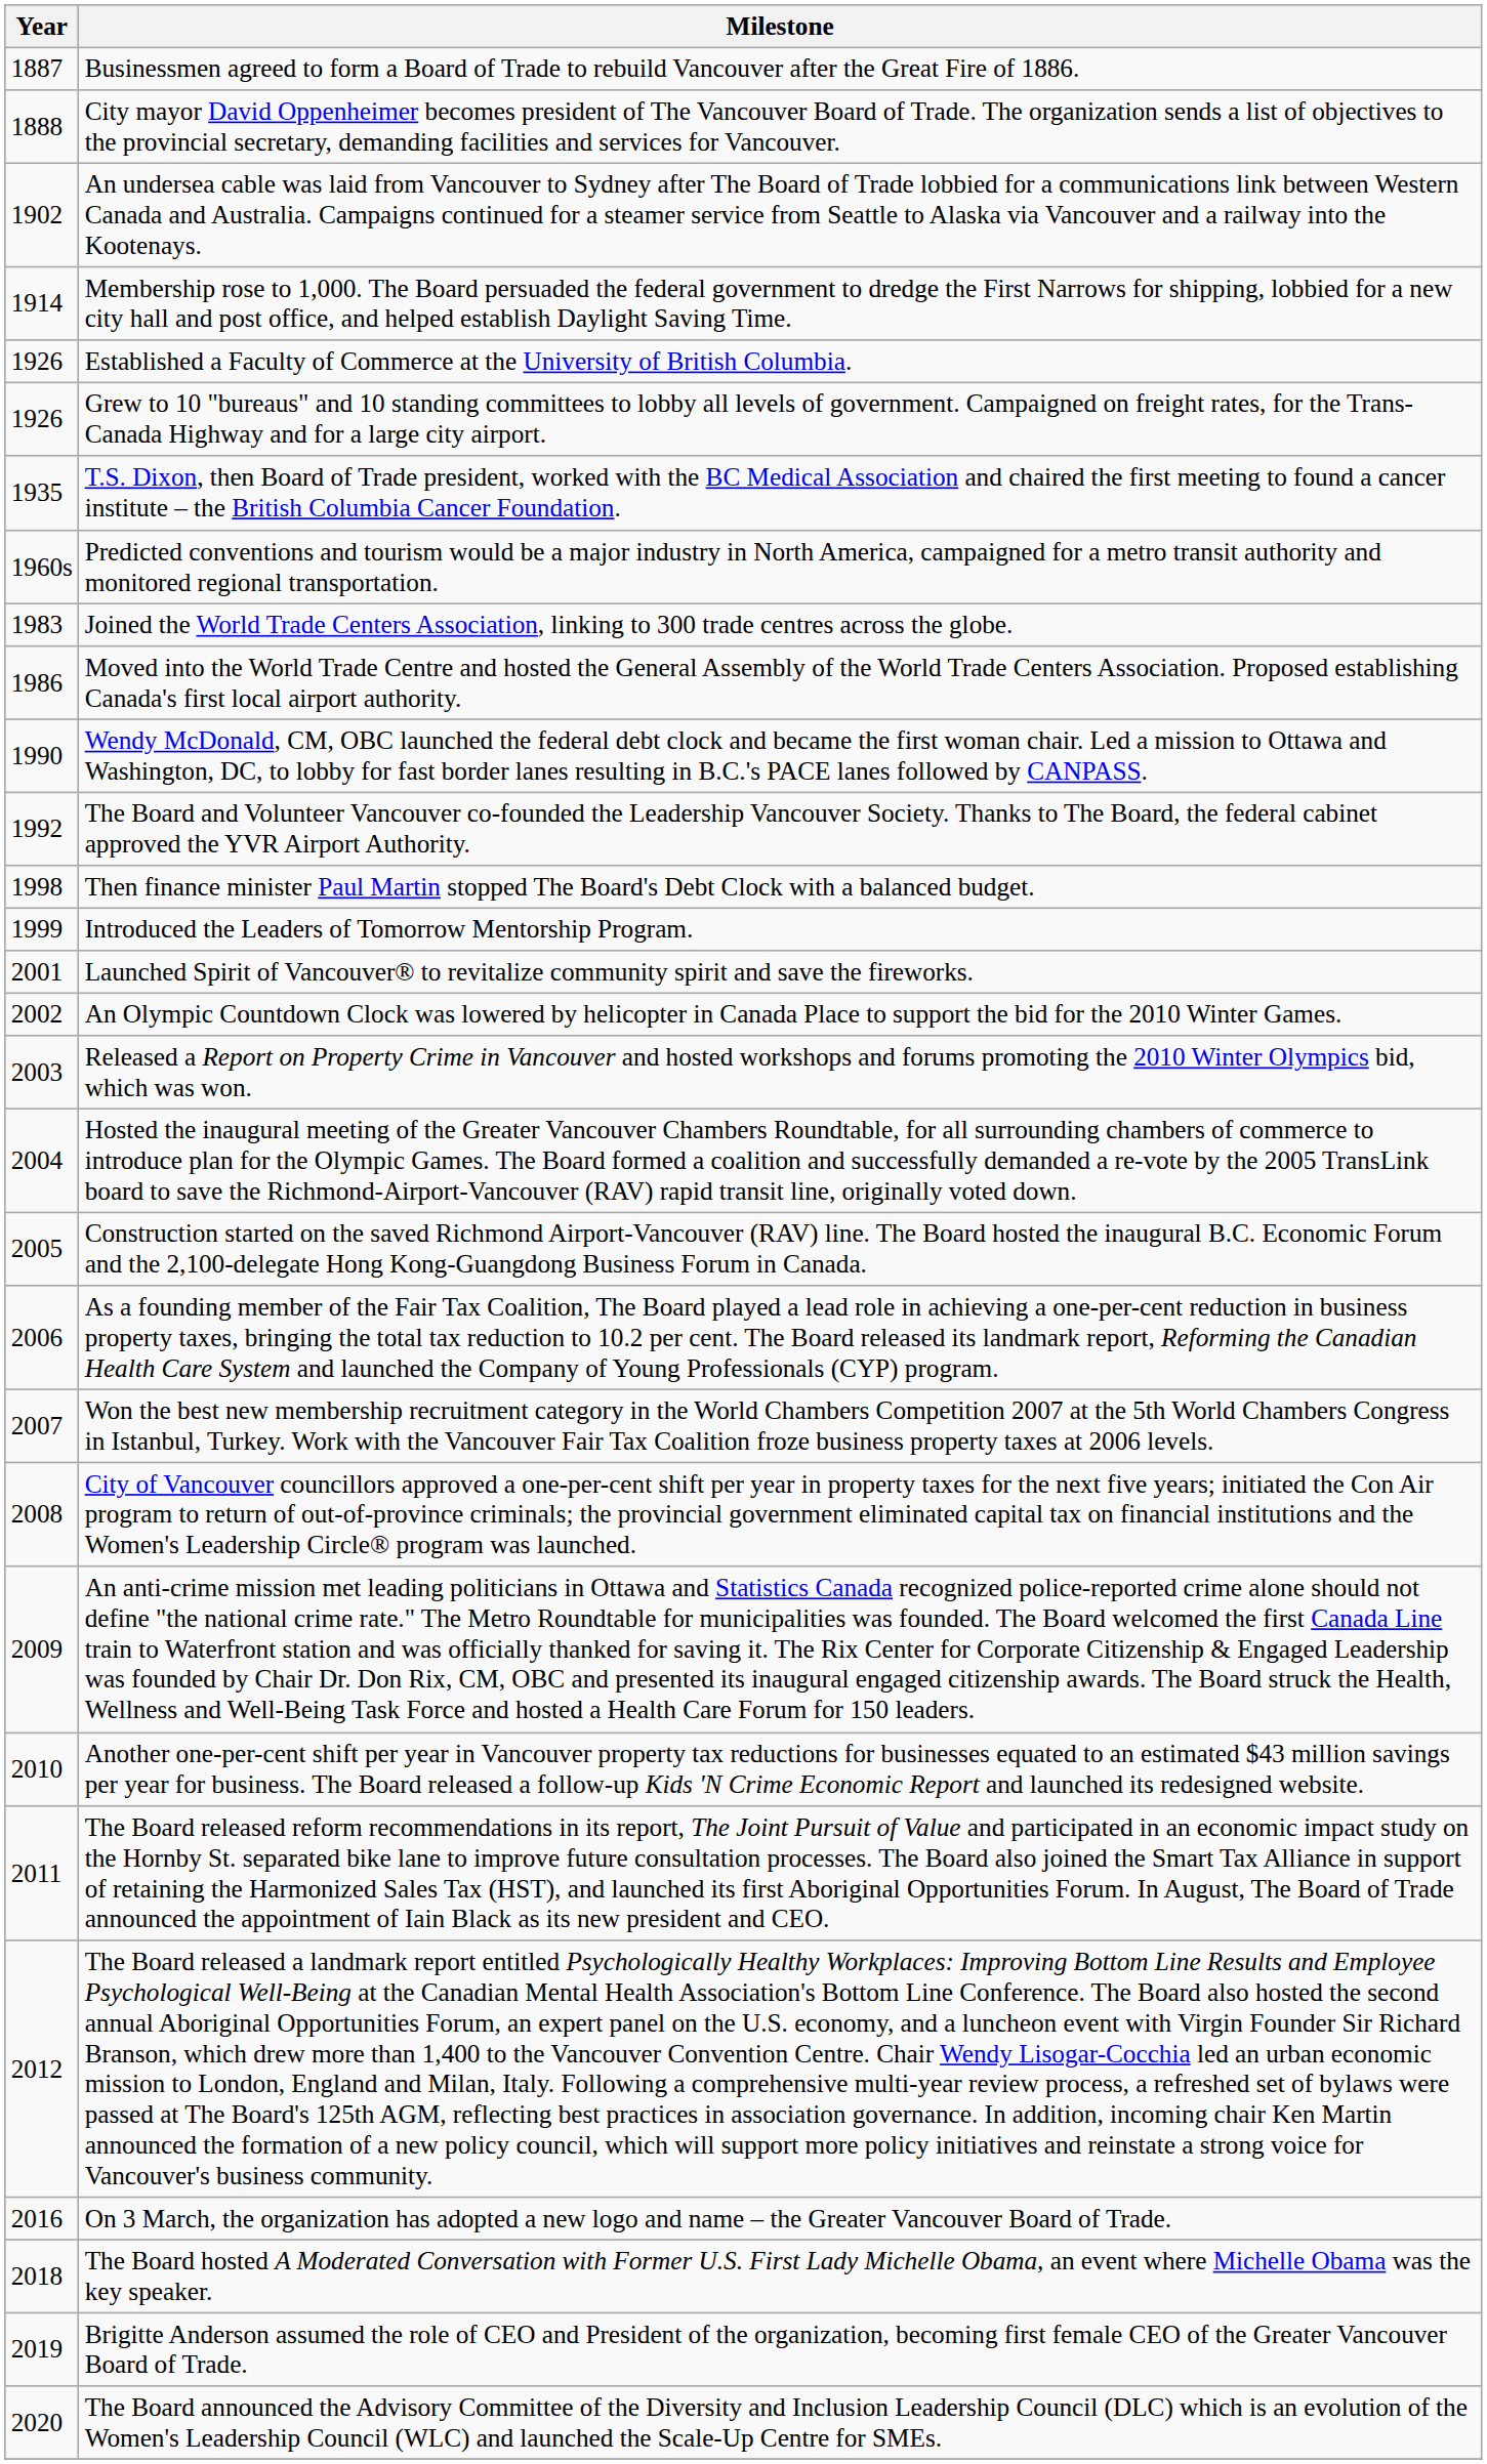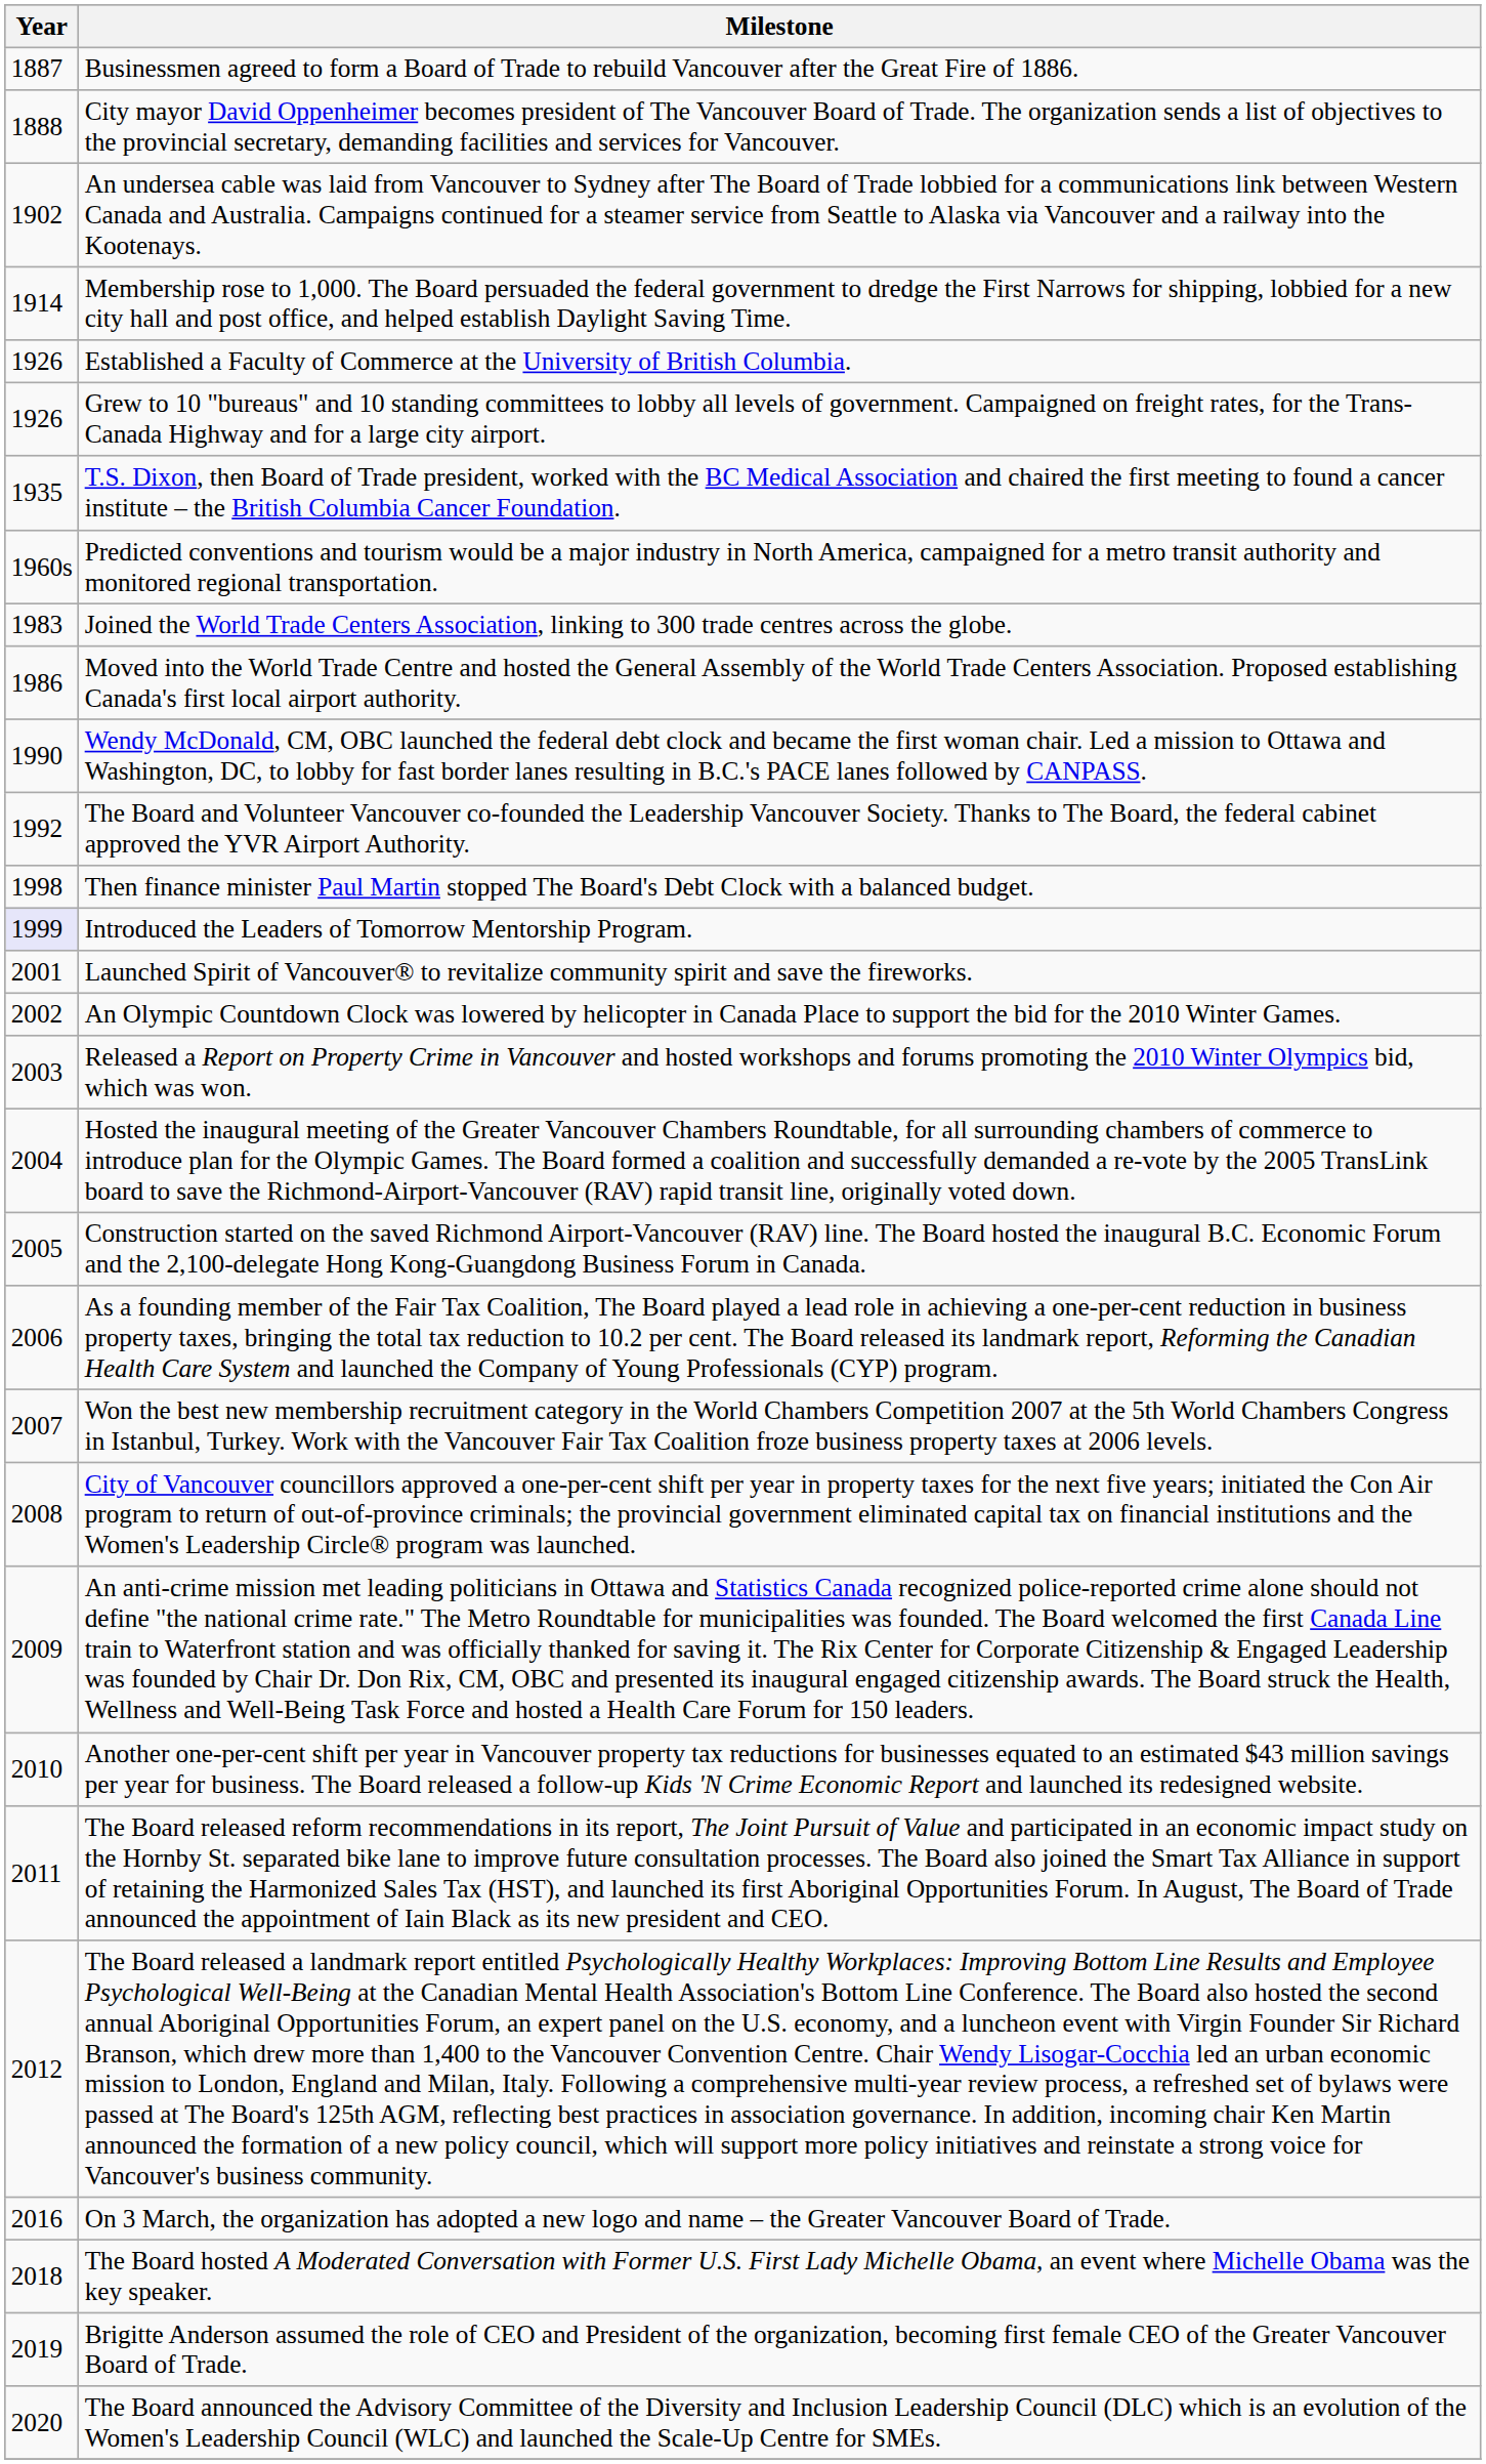 <table class="wikitable" style="font-size: 95%;">
 <tr>
 <th>Year</th>
 <th>Milestone</th>
 </tr>
 <tr>
 <td>1887</td>
 <td>Businessmen agreed to form a Board of Trade to rebuild Vancouver after the Great Fire of 1886.</td>
 </tr>
 <tr>
 <td>1888</td>
 <td>City mayor <a href='#'>David Oppenheimer</a> becomes president of The Vancouver Board of Trade. The organization sends a list of objectives to the provincial secretary, demanding facilities and services for Vancouver.</td>
 </tr>
 <tr>
 <td>1902</td>
 <td>An undersea cable was laid from Vancouver to Sydney after The Board of Trade lobbied for a communications link between Western Canada and Australia. Campaigns continued for a steamer service from Seattle to Alaska via Vancouver and a railway into the Kootenays.</td>
 </tr>
 <tr>
 <td>1914</td>
 <td>Membership rose to 1,000. The Board persuaded the federal government to dredge the First Narrows for shipping, lobbied for a new city hall and post office, and helped establish Daylight Saving Time.</td>
 </tr>
 <tr>
 <td>1926</td>
 <td>Established a Faculty of Commerce at the <a href='#'>University of British Columbia</a>.</td>
 </tr>
 <tr>
 <td>1926</td>
 <td>Grew to 10 "bureaus" and 10 standing committees to lobby all levels of government. Campaigned on freight rates, for the Trans-Canada Highway and for a large city airport.</td>
 </tr>
 <tr>
 <td>1935</td>
 <td><a href='#'>T.S. Dixon</a>, then Board of Trade president, worked with the <a href='#'>BC Medical Association</a> and chaired the first meeting to found a cancer institute – the <a href='#'>British Columbia Cancer Foundation</a>.</td>
 </tr>
 <tr>
 <td>1960s</td>
 <td>Predicted conventions and tourism would be a major industry in North America, campaigned for a metro transit authority and monitored regional transportation.</td>
 </tr>
 <tr>
 <td>1983</td>
 <td>Joined the <a href='#'>World Trade Centers Association</a>, linking to 300 trade centres across the globe.</td>
 </tr>
 <tr>
 <td>1986</td>
 <td>Moved into the World Trade Centre and hosted the General Assembly of the World Trade Centers Association. Proposed establishing Canada's first local airport authority.</td>
 </tr>
 <tr>
 <td>1990</td>
 <td><a href='#'>Wendy McDonald</a>, CM, OBC launched the federal debt clock and became the first woman chair. Led a mission to Ottawa and Washington, DC, to lobby for fast border lanes resulting in B.C.'s PACE lanes followed by <a href='#'>CANPASS</a>.</td>
 </tr>
 <tr>
 <td>1992</td>
 <td>The Board and Volunteer Vancouver co-founded the Leadership Vancouver Society. Thanks to The Board, the federal cabinet approved the YVR Airport Authority.</td>
 </tr>
 <tr>
 <td>1998</td>
 <td>Then finance minister <a href='#'>Paul Martin</a> stopped The Board's Debt Clock with a balanced budget.</td>
 </tr>
 <tr>
-<td>1999</td>
+<td style="background: lavender;">1999</td>
 <td>Introduced the Leaders of Tomorrow Mentorship Program.</td>
 </tr>
 <tr>
 <td>2001</td>
 <td>Launched Spirit of Vancouver® to revitalize community spirit and save the fireworks.</td>
 </tr>
 <tr>
 <td>2002</td>
 <td>An Olympic Countdown Clock was lowered by helicopter in Canada Place to support the bid for the 2010 Winter Games.</td>
 </tr>
 <tr>
 <td>2003</td>
 <td>Released a <em>Report on Property Crime in Vancouver</em> and hosted workshops and forums promoting the <a href='#'>2010 Winter Olympics</a> bid, which was won.</td>
 </tr>
 <tr>
 <td>2004</td>
 <td>Hosted the inaugural meeting of the Greater Vancouver Chambers Roundtable, for all surrounding chambers of commerce to introduce plan for the Olympic Games. The Board formed a coalition and successfully demanded a re-vote by the 2005 TransLink board to save the Richmond-Airport-Vancouver (RAV) rapid transit line, originally voted down.</td>
 </tr>
 <tr>
 <td>2005</td>
 <td>Construction started on the saved Richmond Airport-Vancouver (RAV) line. The Board hosted the inaugural B.C. Economic Forum and the 2,100-delegate Hong Kong-Guangdong Business Forum in Canada.</td>
 </tr>
 <tr>
 <td>2006</td>
 <td>As a founding member of the Fair Tax Coalition, The Board played a lead role in achieving a one-per-cent reduction in business property taxes, bringing the total tax reduction to 10.2 per cent. The Board released its landmark report, <em>Reforming the Canadian Health Care System</em> and launched the Company of Young Professionals (CYP) program.</td>
 </tr>
 <tr>
 <td>2007</td>
 <td>Won the best new membership recruitment category in the World Chambers Competition 2007 at the 5th World Chambers Congress in Istanbul, Turkey. Work with the Vancouver Fair Tax Coalition froze business property taxes at 2006 levels.</td>
 </tr>
 <tr>
 <td>2008</td>
 <td><a href='#'>City of Vancouver</a> councillors approved a one-per-cent shift per year in property taxes for the next five years; initiated the Con Air program to return of out-of-province criminals; the provincial government eliminated capital tax on financial institutions and the Women's Leadership Circle® program was launched.</td>
 </tr>
 <tr>
 <td>2009</td>
 <td>An anti-crime mission met leading politicians in Ottawa and <a href='#'>Statistics Canada</a> recognized police-reported crime alone should not define "the national crime rate." The Metro Roundtable for municipalities was founded. The Board welcomed the first <a href='#'>Canada Line</a> train to Waterfront station and was officially thanked for saving it. The Rix Center for Corporate Citizenship & Engaged Leadership was founded by Chair Dr. Don Rix, CM, OBC and presented its inaugural engaged citizenship awards. The Board struck the Health, Wellness and Well-Being Task Force and hosted a Health Care Forum for 150 leaders.</td>
 </tr>
 <tr>
 <td>2010</td>
 <td>Another one-per-cent shift per year in Vancouver property tax reductions for businesses equated to an estimated $43 million savings per year for business. The Board released a follow-up <em>Kids 'N Crime Economic Report</em> and launched its redesigned website.</td>
 </tr>
 <tr>
 <td>2011</td>
 <td>The Board released reform recommendations in its report, <em>The Joint Pursuit of Value</em> and participated in an economic impact study on the Hornby St. separated bike lane to improve future consultation processes. The Board also joined the Smart Tax Alliance in support of retaining the Harmonized Sales Tax (HST), and launched its first Aboriginal Opportunities Forum. In August, The Board of Trade announced the appointment of Iain Black as its new president and CEO.</td>
 </tr>
 <tr>
 <td>2012</td>
 <td>The Board released a landmark report entitled <em>Psychologically Healthy Workplaces: Improving Bottom Line Results and Employee Psychological Well-Being</em> at the Canadian Mental Health Association's Bottom Line Conference. The Board also hosted the second annual Aboriginal Opportunities Forum, an expert panel on the U.S. economy, and a luncheon event with Virgin Founder Sir Richard Branson, which drew more than 1,400 to the Vancouver Convention Centre. Chair <a href='#'>Wendy Lisogar-Cocchia</a> led an urban economic mission to London, England and Milan, Italy. Following a comprehensive multi-year review process, a refreshed set of bylaws were passed at The Board's 125th AGM, reflecting best practices in association governance. In addition, incoming chair Ken Martin announced the formation of a new policy council, which will support more policy initiatives and reinstate a strong voice for Vancouver's business community.</td>
 </tr>
 <tr>
 <td>2016</td>
 <td>On 3 March, the organization has adopted a new logo and name – the Greater Vancouver Board of Trade.</td>
 </tr>
 <tr>
 <td>2018</td>
 <td>The Board hosted <em>A Moderated Conversation with Former U.S. First Lady Michelle Obama,</em> an event where <a href='#'>Michelle Obama</a> was the key speaker.</td>
 </tr>
 <tr>
 <td>2019</td>
 <td>Brigitte Anderson assumed the role of CEO and President of the organization, becoming first female CEO of the Greater Vancouver Board of Trade.</td>
 </tr>
 <tr>
 <td>2020</td>
 <td>The Board announced the Advisory Committee of the Diversity and Inclusion Leadership Council (DLC) which is an evolution of the Women's Leadership Council (WLC) and launched the Scale-Up Centre for SMEs.</td>
 </tr>
 <tr>
 </tr>
 </table>
